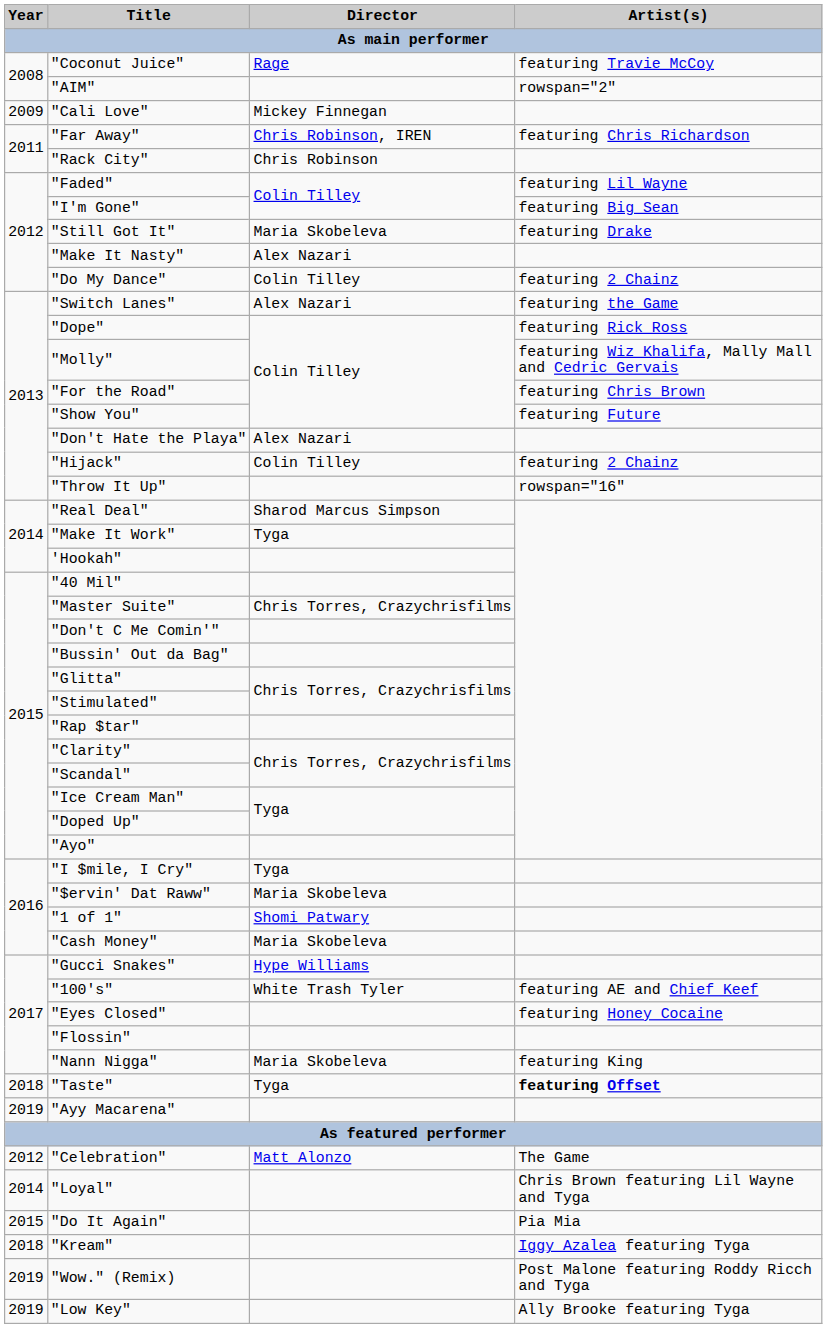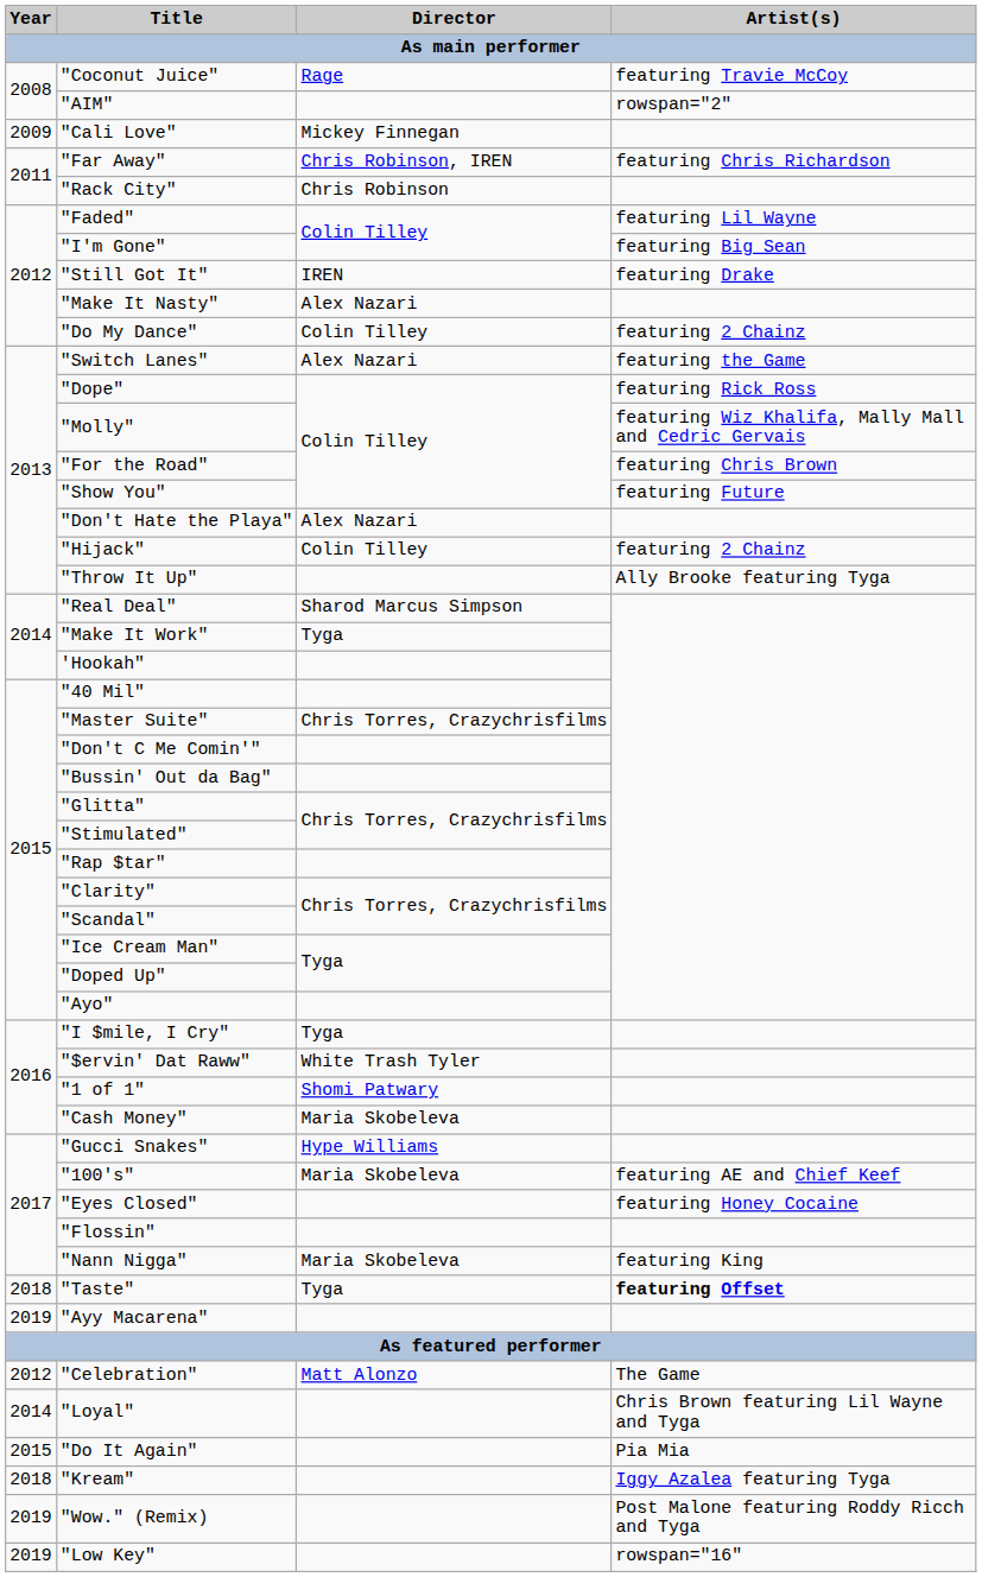 <table class="wikitable" style="font-size:95%">
 <tr>
 <th style="background:#ccc;">Year</th>
 <th style="background:#ccc;">Title</th>
 <th style="background:#ccc;">Director</th>
 <th style="background:#ccc;width:250px">Artist(s)</th>
 </tr>
 <tr style="text-align:center;">
 <th colspan="4" style="background:#B0C4DE;">As main performer</th>
 </tr>
 <tr>
 <td style="text-align:center;" rowspan="2">2008</td>
 <td>"Coconut Juice"</td>
 <td><a href='#'>Rage</a></td>
 <td>featuring <a href='#'>Travie McCoy</a></td>
 </tr>
 <tr>
 <td>"AIM"</td>
 <td></td>
 <td>rowspan="2" </td>
 </tr>
 <tr>
 <td style="text-align:center;">2009</td>
 <td>"Cali Love"</td>
 <td>Mickey Finnegan</td>
 </tr>
 <tr>
 <td style="text-align:center;" rowspan="2">2011</td>
 <td>"Far Away"</td>
 <td><a href='#'>Chris Robinson</a>, IREN</td>
 <td>featuring <a href='#'>Chris Richardson</a></td>
 </tr>
 <tr>
 <td>"Rack City"</td>
 <td>Chris Robinson</td>
 <td></td>
 </tr>
 <tr>
 <td style="text-align:center;" rowspan="5">2012</td>
 <td>"Faded"</td>
 <td rowspan="2"><a href='#'>Colin Tilley</a></td>
 <td>featuring <a href='#'>Lil Wayne</a></td>
 </tr>
 <tr>
 <td>"I'm Gone"</td>
 <td>featuring <a href='#'>Big Sean</a></td>
 </tr>
 <tr>
 <td>"Still Got It"</td>
-<td>Maria Skobeleva</td>
+<td>IREN</td>
 <td>featuring <a href='#'>Drake</a></td>
 </tr>
 <tr>
 <td>"Make It Nasty"</td>
 <td>Alex Nazari</td>
 <td></td>
 </tr>
 <tr>
 <td>"Do My Dance"</td>
 <td>Colin Tilley</td>
 <td>featuring <a href='#'>2 Chainz</a></td>
 </tr>
 <tr>
 <td style="text-align:center;" rowspan="8">2013</td>
 <td>"Switch Lanes"</td>
 <td>Alex Nazari</td>
 <td>featuring <a href='#'>the Game</a></td>
 </tr>
 <tr>
 <td>"Dope"</td>
 <td rowspan="4">Colin Tilley</td>
 <td>featuring <a href='#'>Rick Ross</a></td>
 </tr>
 <tr>
 <td>"Molly"</td>
 <td>featuring <a href='#'>Wiz Khalifa</a>, Mally Mall and <a href='#'>Cedric Gervais</a></td>
 </tr>
 <tr>
 <td>"For the Road"</td>
 <td>featuring <a href='#'>Chris Brown</a></td>
 </tr>
 <tr>
 <td>"Show You"</td>
 <td>featuring <a href='#'>Future</a></td>
 </tr>
 <tr>
 <td>"Don't Hate the Playa"</td>
 <td>Alex Nazari</td>
 <td></td>
 </tr>
 <tr>
 <td>"Hijack"</td>
 <td>Colin Tilley</td>
 <td>featuring <a href='#'>2 Chainz</a></td>
 </tr>
 <tr>
 <td>"Throw It Up"</td>
 <td></td>
-<td>rowspan="16" </td>
+<td>Ally Brooke featuring Tyga</td>
 </tr>
 <tr>
 <td style="text-align:center;" rowspan="3">2014</td>
 <td>"Real Deal"</td>
 <td>Sharod Marcus Simpson</td>
 </tr>
 <tr>
 <td>"Make It Work"</td>
 <td>Tyga</td>
 </tr>
 <tr>
 <td>'Hookah"</td>
 <td></td>
 </tr>
 <tr>
 <td style="text-align:center;" rowspan="12">2015</td>
 <td>"40 Mil"</td>
 <td></td>
 </tr>
 <tr>
 <td>"Master Suite"</td>
 <td>Chris Torres, Crazychrisfilms</td>
 </tr>
 <tr>
 <td>"Don't C Me Comin'"</td>
 <td></td>
 </tr>
 <tr>
 <td>"Bussin' Out da Bag"</td>
 <td></td>
 </tr>
 <tr>
 <td>"Glitta"</td>
 <td rowspan="2">Chris Torres, Crazychrisfilms</td>
 </tr>
 <tr>
 <td>"Stimulated"</td>
 </tr>
 <tr>
 <td>"Rap $tar"</td>
 <td></td>
 </tr>
 <tr>
 <td>"Clarity"</td>
 <td rowspan="2">Chris Torres, Crazychrisfilms</td>
 </tr>
 <tr>
 <td>"Scandal"</td>
 </tr>
 <tr>
 <td>"Ice Cream Man"</td>
 <td rowspan="2">Tyga</td>
 </tr>
 <tr>
 <td>"Doped Up"</td>
 </tr>
 <tr>
 <td>"Ayo"</td>
 <td></td>
 </tr>
 <tr>
 <td style="text-align:center;" rowspan="4">2016</td>
 <td>"I $mile, I Cry"</td>
 <td>Tyga</td>
 <td></td>
 </tr>
 <tr>
 <td>"$ervin' Dat Raww"</td>
-<td>Maria Skobeleva</td>
+<td>White Trash Tyler</td>
 <td></td>
 </tr>
 <tr>
 <td>"1 of 1"</td>
 <td><a href='#'>Shomi Patwary</a></td>
 <td></td>
 </tr>
 <tr>
 <td>"Cash Money"</td>
 <td>Maria Skobeleva</td>
 <td></td>
 </tr>
 <tr>
 <td style="text-align:center;" rowspan="5">2017</td>
 <td>"Gucci Snakes"</td>
 <td><a href='#'>Hype Williams</a></td>
 <td></td>
 </tr>
 <tr>
 <td>"100's"</td>
-<td>White Trash Tyler</td>
+<td>Maria Skobeleva</td>
 <td>featuring AE and <a href='#'>Chief Keef</a></td>
 </tr>
 <tr>
 <td>"Eyes Closed"</td>
 <td></td>
 <td>featuring <a href='#'>Honey Cocaine</a></td>
 </tr>
 <tr>
 <td>"Flossin"</td>
 <td></td>
 <td></td>
 </tr>
 <tr>
 <td>"Nann Nigga"</td>
 <td>Maria Skobeleva</td>
 <td>featuring King</td>
 </tr>
 <tr>
 <td style="text-align:center;">2018</td>
 <td>"Taste"</td>
 <td>Tyga</td>
 <td><strong>featuring <a href='#'>Offset</a></strong></td>
 </tr>
 <tr>
 <td style="text-align:center;">2019</td>
 <td>"Ayy Macarena"</td>
 <td></td>
 <td></td>
 </tr>
 <tr>
 <th colspan="4" style="background:#B0C4DE;">As featured performer</th>
 </tr>
 <tr>
 <td style="text-align:center;">2012</td>
 <td>"Celebration"</td>
 <td><a href='#'>Matt Alonzo</a></td>
 <td>The Game</td>
 </tr>
 <tr>
 <td style="text-align:center;">2014</td>
 <td>"Loyal"</td>
 <td></td>
 <td>Chris Brown featuring Lil Wayne and Tyga</td>
 </tr>
 <tr>
 <td style="text-align:center;">2015</td>
 <td>"Do It Again"</td>
 <td></td>
 <td>Pia Mia</td>
 </tr>
 <tr>
 <td style="text-align:center;">2018</td>
 <td>"Kream"</td>
 <td></td>
 <td><a href='#'>Iggy Azalea</a> featuring Tyga</td>
 </tr>
 <tr>
 <td style="text-align:center;">2019</td>
 <td>"Wow." (Remix)</td>
 <td></td>
 <td>Post Malone featuring Roddy Ricch and Tyga</td>
 </tr>
 <tr>
 <td style="text-align:center;">2019</td>
 <td>"Low Key"</td>
 <td></td>
-<td>Ally Brooke featuring Tyga</td>
+<td>rowspan="16" </td>
 </tr>
 </table>
